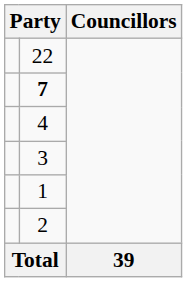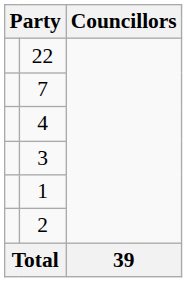 <table class="wikitable">
 <tr>
 <th colspan=2>Party</th>
 <th>Councillors</th>
 </tr>
 <tr>
 <td></td>
 <td align=center>22</td>
 </tr>
 <tr>
 <td></td>
-<td align=center><strong>7</strong></td>
+<td align=center>7</td>
 </tr>
 <tr>
 <td></td>
 <td align=center>4</td>
 </tr>
 <tr>
 <td></td>
 <td align=center>3</td>
 </tr>
 <tr>
 <td></td>
 <td align=center>1</td>
 </tr>
 <tr>
 <td></td>
 <td align=center>2</td>
 </tr>
 <tr>
 <th colspan=2>Total</th>
 <th align=center>39</th>
 </tr>
 </table>
